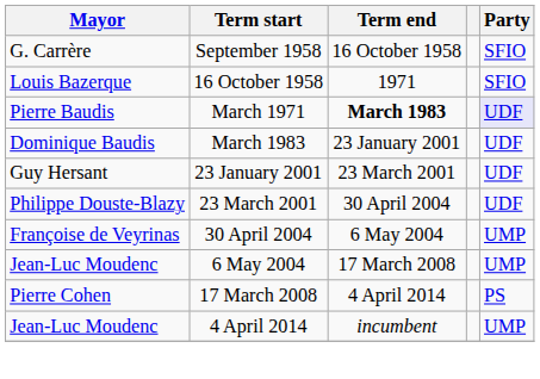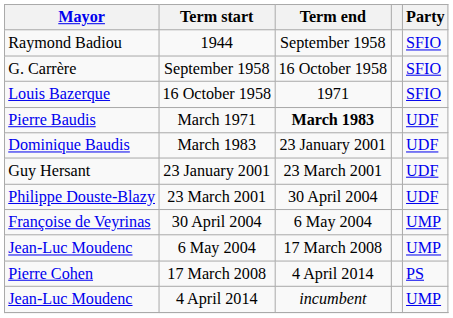 <table class="wikitable">
 <tr>
 <th><a href='#'>Mayor</a></th>
 <th>Term start</th>
 <th>Term end</th>
 <th class=unsortable> </th>
 <th>Party</th>
+</tr>
+<tr>
+<td>Raymond Badiou</td>
+<td align=center>1944</td>
+<td align=center>September 1958</td>
+<td style="color:inherit;background:"></td>
+<td><a href='#'>SFIO</a></td>
 </tr>
 <tr>
 <td>G. Carrère</td>
 <td align=center>September 1958</td>
 <td align=center>16 October 1958</td>
 <td style="color:inherit;background:"></td>
 <td><a href='#'>SFIO</a></td>
 </tr>
 <tr>
 <td><a href='#'>Louis Bazerque</a></td>
 <td align=center>16 October 1958</td>
 <td align=center>1971</td>
 <td style="color:inherit;background:"></td>
 <td><a href='#'>SFIO</a></td>
 </tr>
 <tr>
 <td><a href='#'>Pierre Baudis</a></td>
 <td align=center>March 1971</td>
 <td align=center><strong>March 1983</strong></td>
 <td style="color:inherit;background:"></td>
-<td style="background: lavender;"><a href='#'>UDF</a></td>
+<td><a href='#'>UDF</a></td>
 </tr>
 <tr>
 <td><a href='#'>Dominique Baudis</a></td>
 <td align=center>March 1983</td>
 <td align=center>23 January 2001</td>
 <td style="color:inherit;background:"></td>
 <td><a href='#'>UDF</a></td>
 </tr>
 <tr>
 <td>Guy Hersant</td>
 <td align=center>23 January 2001</td>
 <td align=center>23 March 2001</td>
 <td style="color:inherit;background:"></td>
 <td><a href='#'>UDF</a></td>
 </tr>
 <tr>
 <td><a href='#'>Philippe Douste-Blazy</a></td>
 <td align=center>23 March 2001</td>
 <td align=center>30 April 2004</td>
 <td style="color:inherit;background:"></td>
 <td><a href='#'>UDF</a></td>
 </tr>
 <tr>
 <td><a href='#'>Françoise de Veyrinas</a></td>
 <td align=center>30 April 2004</td>
 <td align=center>6 May 2004</td>
 <td style="color:inherit;background:"></td>
 <td><a href='#'>UMP</a></td>
 </tr>
 <tr>
 <td><a href='#'>Jean-Luc Moudenc</a></td>
 <td align=center>6 May 2004</td>
 <td align=center>17 March 2008</td>
 <td style="color:inherit;background:"></td>
 <td><a href='#'>UMP</a></td>
 </tr>
 <tr>
 <td><a href='#'>Pierre Cohen</a></td>
 <td align=center>17 March 2008</td>
 <td align=center>4 April 2014</td>
 <td style="color:inherit;background:"></td>
 <td><a href='#'>PS</a></td>
 </tr>
 <tr>
 <td><a href='#'>Jean-Luc Moudenc</a></td>
 <td align=center>4 April 2014</td>
 <td align=center><em>incumbent</em></td>
 <td style="color:inherit;background:"></td>
 <td><a href='#'>UMP</a></td>
 </tr>
 <tr>
 </tr>
 </table>
